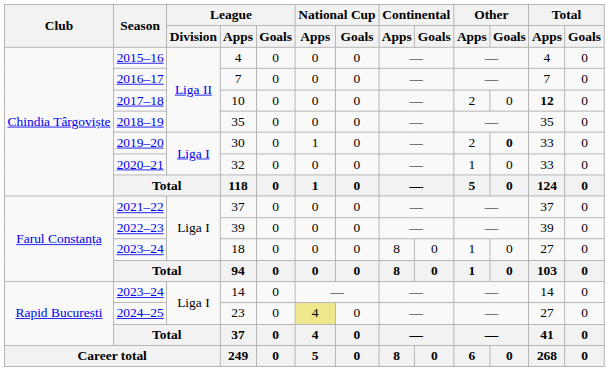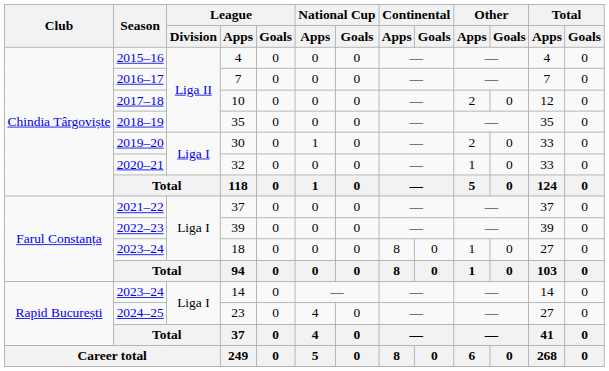 <table class="wikitable" style="text-align:center">
 <tr>
 <th rowspan="2">Club</th>
 <th rowspan="2">Season</th>
 <th colspan="3">League</th>
 <th colspan="2">National Cup</th>
 <th colspan="2">Continental</th>
 <th colspan="2">Other</th>
 <th colspan="3">Total</th>
 </tr>
 <tr>
 <th>Division</th>
 <th>Apps</th>
 <th>Goals</th>
 <th>Apps</th>
 <th>Goals</th>
 <th>Apps</th>
 <th>Goals</th>
 <th>Apps</th>
 <th>Goals</th>
 <th>Apps</th>
 <th>Goals</th>
 </tr>
 <tr>
 <td rowspan="7"><a href='#'>Chindia Târgoviște</a></td>
 <td><a href='#'>2015–16</a></td>
 <td rowspan="4"><a href='#'>Liga II</a></td>
 <td>4</td>
 <td>0</td>
 <td>0</td>
 <td>0</td>
 <td colspan="2">—</td>
 <td colspan="2">—</td>
 <td>4</td>
 <td>0</td>
 </tr>
 <tr>
 <td><a href='#'>2016–17</a></td>
 <td>7</td>
 <td>0</td>
 <td>0</td>
 <td>0</td>
 <td colspan="2">—</td>
 <td colspan="2">—</td>
 <td>7</td>
 <td>0</td>
 </tr>
 <tr>
 <td><a href='#'>2017–18</a></td>
 <td>10</td>
 <td>0</td>
 <td>0</td>
 <td>0</td>
 <td colspan="2">—</td>
 <td>2</td>
 <td>0</td>
-<td><strong>12</strong></td>
+<td>12</td>
 <td>0</td>
 </tr>
 <tr>
 <td><a href='#'>2018–19</a></td>
 <td>35</td>
 <td>0</td>
 <td>0</td>
 <td>0</td>
 <td colspan="2">—</td>
 <td colspan="2">—</td>
 <td>35</td>
 <td>0</td>
 </tr>
 <tr>
 <td><a href='#'>2019–20</a></td>
 <td rowspan="2"><a href='#'>Liga I</a></td>
 <td>30</td>
 <td>0</td>
 <td>1</td>
 <td>0</td>
 <td colspan="2">—</td>
 <td>2</td>
-<td><strong>0</strong></td>
+<td>0</td>
 <td>33</td>
 <td>0</td>
 </tr>
 <tr>
 <td><a href='#'>2020–21</a></td>
 <td>32</td>
 <td>0</td>
 <td>0</td>
 <td>0</td>
 <td colspan="2">—</td>
 <td>1</td>
 <td>0</td>
 <td>33</td>
 <td>0</td>
 </tr>
 <tr>
 <th colspan="2">Total</th>
 <th>118</th>
 <th>0</th>
 <th>1</th>
 <th>0</th>
 <th colspan="2">—</th>
 <th>5</th>
 <th>0</th>
 <th>124</th>
 <th>0</th>
 </tr>
 <tr>
 <td rowspan="4"><a href='#'>Farul Constanța</a></td>
 <td><a href='#'>2021–22</a></td>
 <td rowspan="3">Liga I</td>
 <td>37</td>
 <td>0</td>
 <td>0</td>
 <td>0</td>
 <td colspan="2">—</td>
 <td colspan="2">—</td>
 <td>37</td>
 <td>0</td>
 </tr>
 <tr>
 <td><a href='#'>2022–23</a></td>
 <td>39</td>
 <td>0</td>
 <td>0</td>
 <td>0</td>
 <td colspan="2">—</td>
 <td colspan="2">—</td>
 <td>39</td>
 <td>0</td>
 </tr>
 <tr>
 <td><a href='#'>2023–24</a></td>
 <td>18</td>
 <td>0</td>
 <td>0</td>
 <td>0</td>
 <td>8</td>
 <td>0</td>
 <td>1</td>
 <td>0</td>
 <td>27</td>
 <td>0</td>
 </tr>
 <tr>
 <th colspan="2">Total</th>
 <th>94</th>
 <th>0</th>
 <th>0</th>
 <th>0</th>
 <th>8</th>
 <th>0</th>
 <th>1</th>
 <th>0</th>
 <th>103</th>
 <th>0</th>
 </tr>
 <tr>
 <td rowspan="3"><a href='#'>Rapid București</a></td>
 <td><a href='#'>2023–24</a></td>
 <td rowspan="2">Liga I</td>
 <td>14</td>
 <td>0</td>
 <td colspan="2">—</td>
 <td colspan="2">—</td>
 <td colspan="2">—</td>
 <td>14</td>
 <td>0</td>
 </tr>
 <tr>
 <td><a href='#'>2024–25</a></td>
 <td>23</td>
 <td>0</td>
-<td style="background: khaki;">4</td>
+<td>4</td>
 <td>0</td>
 <td colspan="2">—</td>
 <td colspan="2">—</td>
 <td>27</td>
 <td>0</td>
 </tr>
 <tr>
 <th colspan="2">Total</th>
 <th>37</th>
 <th>0</th>
 <th>4</th>
 <th>0</th>
 <th colspan="2">—</th>
 <th colspan="2">—</th>
 <th>41</th>
 <th>0</th>
 </tr>
 <tr>
 <th colspan="3">Career total</th>
 <th>249</th>
 <th>0</th>
 <th>5</th>
 <th>0</th>
 <th>8</th>
 <th>0</th>
 <th>6</th>
 <th>0</th>
 <th>268</th>
 <th>0</th>
 </tr>
 </table>
